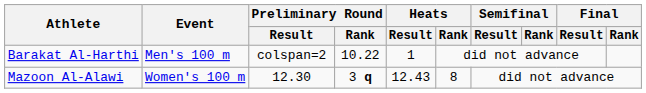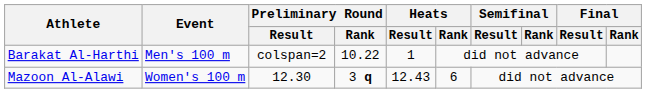 <table class="wikitable" style="font-size:90%">
 <tr>
 <th rowspan="2">Athlete</th>
 <th rowspan="2">Event</th>
 <th colspan="2">Preliminary Round</th>
 <th colspan="2">Heats</th>
 <th colspan="2">Semifinal</th>
 <th colspan="2">Final</th>
 </tr>
 <tr style="font-size:95%">
 <th>Result</th>
 <th>Rank</th>
 <th>Result</th>
 <th>Rank</th>
 <th>Result</th>
 <th>Rank</th>
 <th>Result</th>
 <th>Rank</th>
 </tr>
 <tr align=center>
 <td align=left><a href='#'>Barakat Al-Harthi</a></td>
 <td align=left><a href='#'>Men's 100 m</a></td>
 <td>colspan=2 </td>
 <td>10.22</td>
 <td>1</td>
 <td colspan=4>did not advance</td>
 </tr>
 <tr align=center>
 <td align=left><a href='#'>Mazoon Al-Alawi</a></td>
 <td align=left><a href='#'>Women's 100 m</a></td>
 <td>12.30</td>
 <td>3 <strong>q</strong></td>
 <td>12.43</td>
-<td>8</td>
+<td>6</td>
 <td colspan=4>did not advance</td>
 </tr>
 </table>
